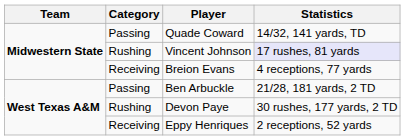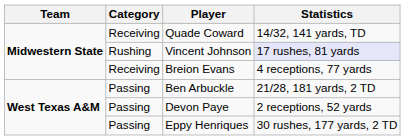 <table class="wikitable" style="float: left;">
 <tr>
 <th>Team</th>
 <th>Category</th>
 <th>Player</th>
 <th>Statistics</th>
 </tr>
 <tr>
 <td rowspan=3><strong>Midwestern State</strong></td>
-<td>Passing</td>
+<td>Receiving</td>
 <td>Quade Coward</td>
 <td>14/32, 141 yards, TD</td>
 </tr>
 <tr>
 <td>Rushing</td>
 <td>Vincent Johnson</td>
 <td style="background: lavender;">17 rushes, 81 yards</td>
 </tr>
 <tr>
 <td>Receiving</td>
 <td>Breion Evans</td>
 <td>4 receptions, 77 yards</td>
 </tr>
 <tr>
 <td rowspan=3><strong>West Texas A&M</strong></td>
 <td>Passing</td>
 <td>Ben Arbuckle</td>
 <td>21/28, 181 yards, 2 TD</td>
 </tr>
 <tr>
-<td>Rushing</td>
+<td>Passing</td>
 <td>Devon Paye</td>
+<td>2 receptions, 52 yards</td>
+</tr>
+<tr>
+<td>Passing</td>
+<td>Eppy Henriques</td>
 <td>30 rushes, 177 yards, 2 TD</td>
 </tr>
-<tr>
-<td>Receiving</td>
-<td>Eppy Henriques</td>
-<td>2 receptions, 52 yards</td>
-</tr>
 </table>
